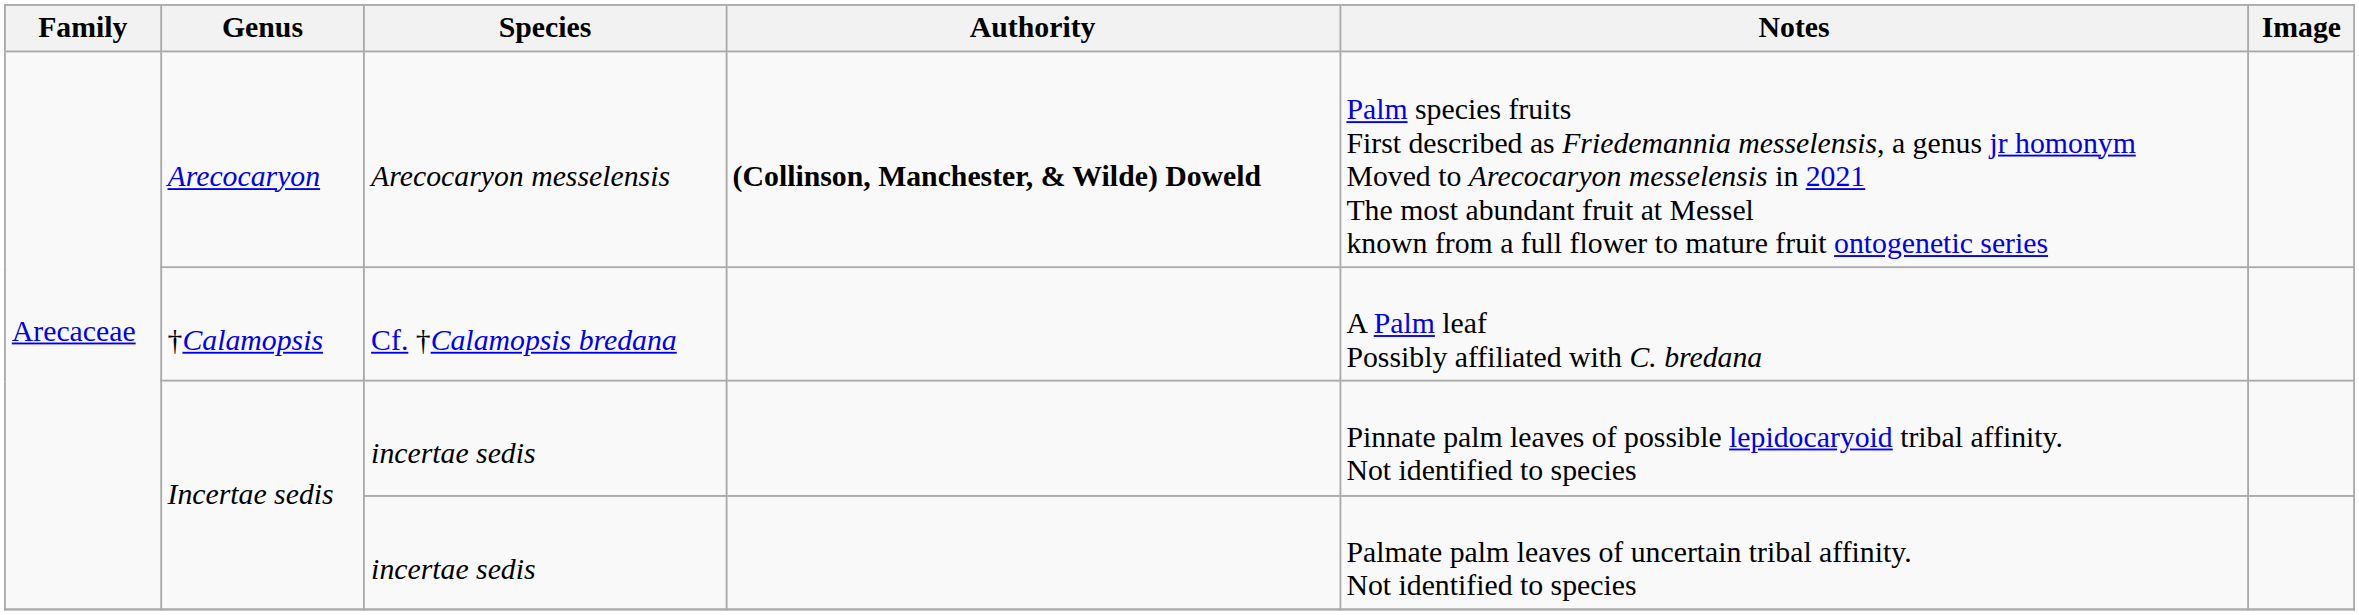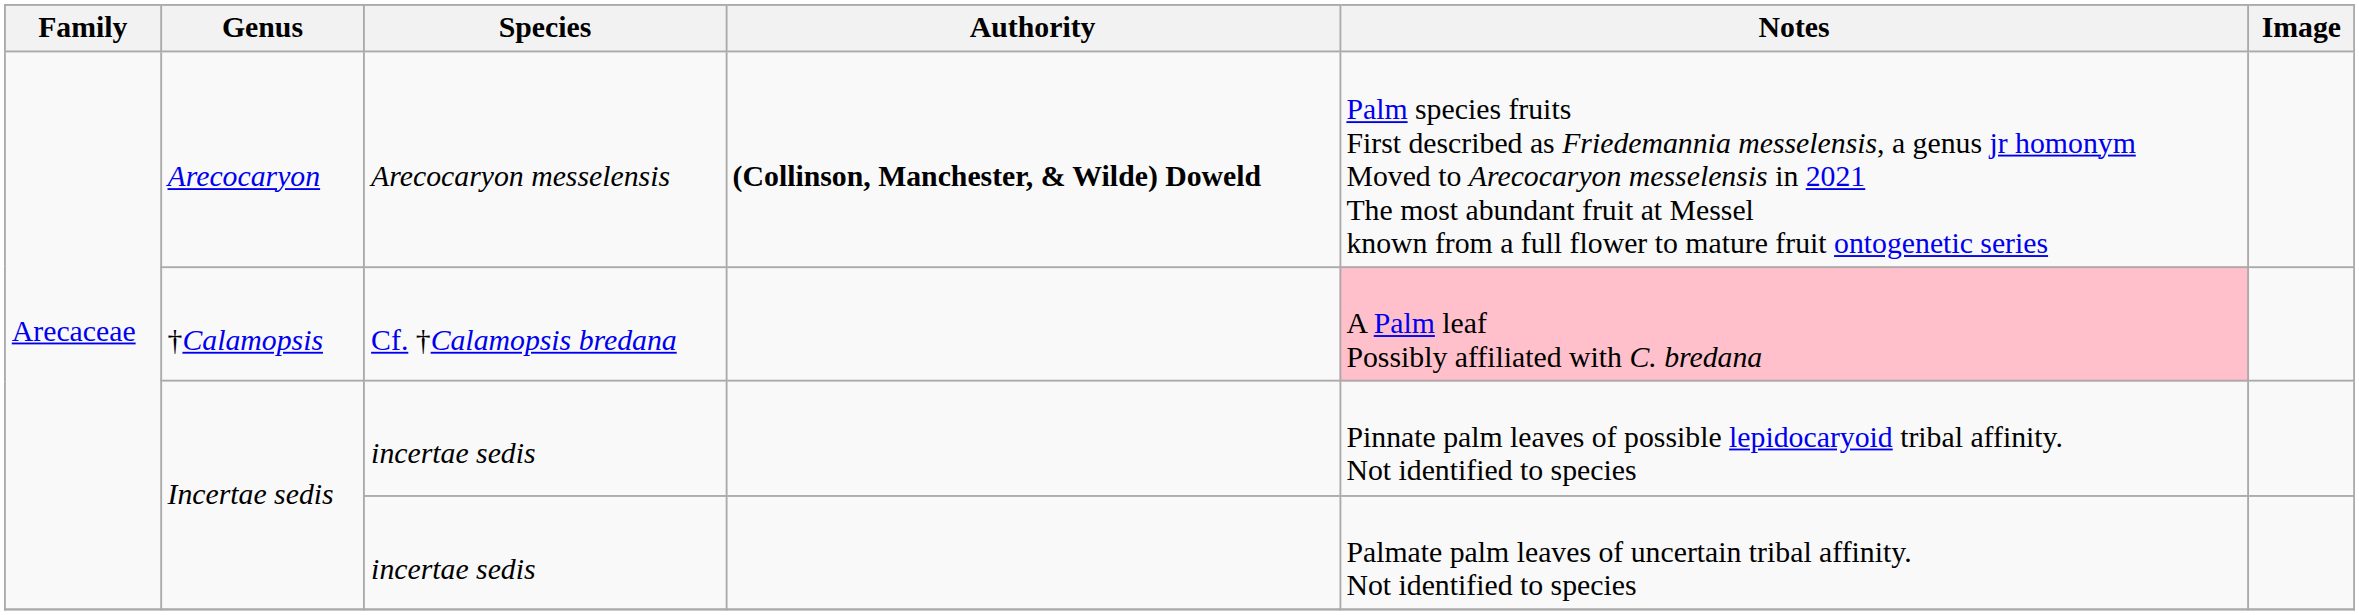 <table class="wikitable" align="center" width="100%">
 <tr>
 <th>Family</th>
 <th>Genus</th>
 <th>Species</th>
 <th>Authority</th>
 <th>Notes</th>
 <th>Image</th>
 </tr>
 <tr>
 <td rowspan=4><a href='#'>Arecaceae</a></td>
 <td><br><em><a href='#'>Arecocaryon</a></em></td>
 <td><br><em>Arecocaryon messelensis</em></td>
 <td><strong><br>(Collinson, Manchester, & Wilde) Doweld</strong></td>
 <td><br><a href='#'>Palm</a> species fruits<br>First described as <em>Friedemannia messelensis</em>, a genus <a href='#'>jr homonym</a><br>Moved to <em>Arecocaryon messelensis</em> in <a href='#'>2021</a><br> The most abundant fruit at Messel<br> known from a full flower to mature fruit <a href='#'>ontogenetic series</a></td>
 <td></td>
 </tr>
 <tr>
 <td><br>†<em><a href='#'>Calamopsis</a></em></td>
 <td><br><a href='#'>Cf.</a> †<em><a href='#'>Calamopsis bredana</a></em></td>
 <td></td>
-<td><br>A <a href='#'>Palm</a> leaf<br>Possibly affiliated with <em>C. bredana</em></td>
+<td style="background: pink;"><br>A <a href='#'>Palm</a> leaf<br>Possibly affiliated with <em>C. bredana</em></td>
 <td></td>
 </tr>
 <tr>
 <td rowspan=2><em>Incertae sedis</em></td>
 <td><br><em>incertae sedis</em></td>
 <td></td>
 <td><br>Pinnate palm leaves of possible <a href='#'>lepidocaryoid</a> tribal affinity.<br>Not identified to species</td>
 <td></td>
 </tr>
 <tr>
 <td><br><em>incertae sedis</em></td>
 <td></td>
 <td><br>Palmate palm leaves of uncertain tribal affinity.<br>Not identified to species</td>
 <td></td>
 </tr>
 <tr>
 </tr>
 </table>
